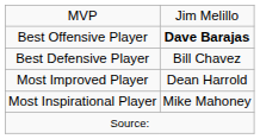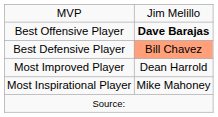 <table class="wikitable sortable sortable" style="text-align: center">
 <tr>
 <td>MVP</td>
 <td>Jim Melillo</td>
 </tr>
 <tr>
 <td>Best Offensive Player</td>
 <td><strong>Dave Barajas</strong></td>
 </tr>
 <tr>
 <td>Best Defensive Player</td>
-<td>Bill Chavez</td>
+<td style="background: lightsalmon;">Bill Chavez</td>
 </tr>
 <tr>
 <td>Most Improved Player</td>
 <td>Dean Harrold</td>
 </tr>
 <tr>
 <td>Most Inspirational Player</td>
 <td>Mike Mahoney</td>
 </tr>
 <tr>
 <td colspan="5"><small>Source:</small></td>
 </tr>
 </table>
